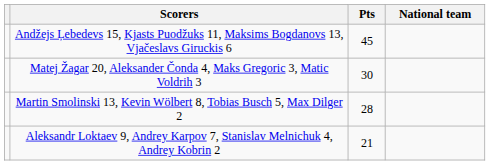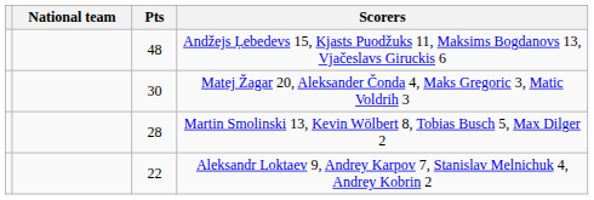 <table class=wikitable style="font-size: 95%">
 <tr>
 <th></th>
+<th width=150>National team</th>
+<th width=50>Pts</th>
 <th width=600>Scorers</th>
-<th width=50>Pts</th>
-<th width=150>National team</th>
 </tr>
 <tr align=center >
 <td></td>
+<td align=left></td>
+<td>48</td>
 <td><a href='#'>Andžejs Ļebedevs</a> 15, <a href='#'>Kjasts Puodžuks</a> 11, <a href='#'>Maksims Bogdanovs</a> 13, <a href='#'>Vjačeslavs Giruckis</a> 6</td>
-<td>45</td>
-<td align=left></td>
 </tr>
 <tr align=center>
 <td></td>
+<td align=left></td>
+<td>30</td>
 <td><a href='#'>Matej Žagar</a> 20, <a href='#'>Aleksander Čonda</a> 4, <a href='#'>Maks Gregoric</a> 3, <a href='#'>Matic Voldrih</a> 3</td>
-<td>30</td>
-<td align=left></td>
 </tr>
 <tr align=center>
 <td></td>
+<td align=left></td>
+<td>28</td>
 <td><a href='#'>Martin Smolinski</a> 13, <a href='#'>Kevin Wölbert</a> 8, <a href='#'>Tobias Busch</a> 5, <a href='#'>Max Dilger</a> 2</td>
-<td>28</td>
-<td align=left></td>
 </tr>
 <tr align=center>
 <td></td>
+<td align=left></td>
+<td>22</td>
 <td><a href='#'>Aleksandr Loktaev</a> 9, <a href='#'>Andrey Karpov</a> 7, <a href='#'>Stanislav Melnichuk</a> 4, <a href='#'>Andrey Kobrin</a> 2</td>
-<td>21</td>
-<td align=left></td>
 </tr>
 </table>
